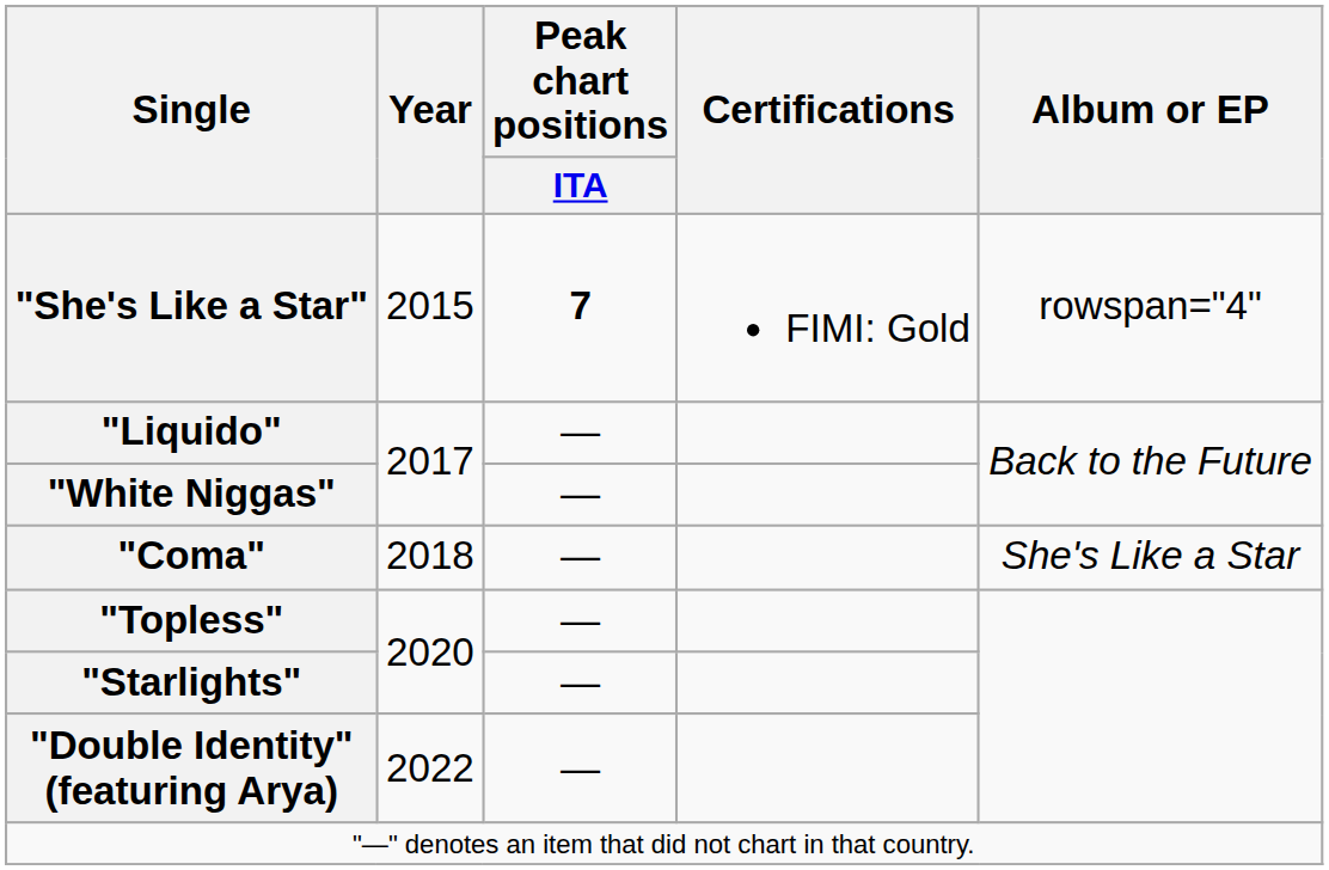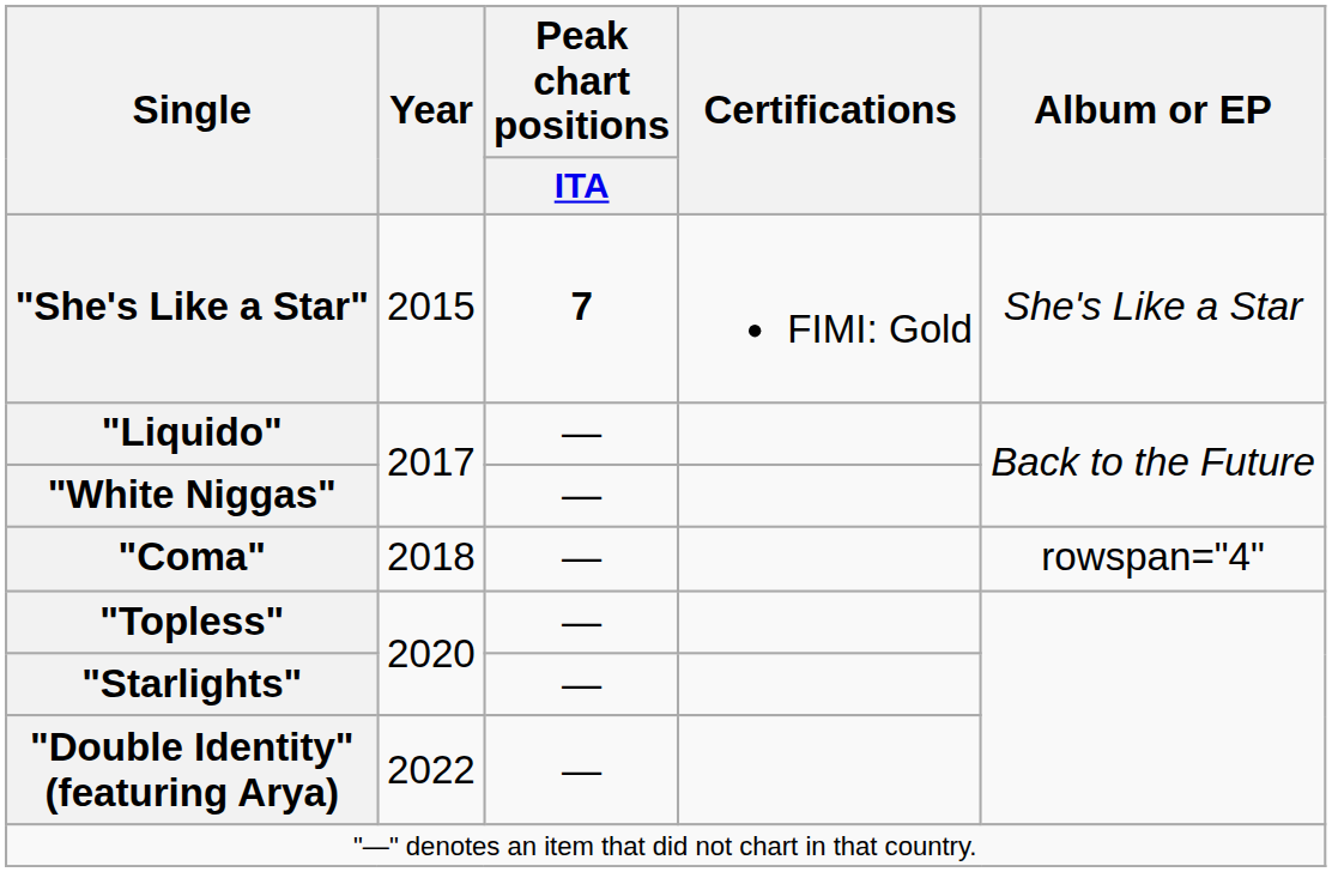 <table class="wikitable plainrowheaders" style="text-align:center;">
 <tr>
 <th scope="col" rowspan="2">Single</th>
 <th scope="col" rowspan="2">Year</th>
 <th scope="col" colspan="1">Peak chart positions</th>
 <th scope="col" rowspan="2">Certifications</th>
 <th scope="col" rowspan="2">Album or EP</th>
 </tr>
 <tr>
 <th scope="col" style="width:3em;font-size:90%;"><a href='#'>ITA</a><br></th>
 </tr>
 <tr>
 <th scope="row">"She's Like a Star"</th>
 <td>2015</td>
 <td><strong>7</strong></td>
 <td><br><ul><li>FIMI: Gold</li></ul></td>
-<td>rowspan="4" </td>
+<td><em>She's Like a Star</em></td>
 </tr>
 <tr>
 <th scope="row">"Liquido"</th>
 <td rowspan="2">2017</td>
 <td>—</td>
 <td></td>
 <td rowspan="2"><em>Back to the Future</em></td>
 </tr>
 <tr>
 <th scope="row">"White Niggas"</th>
 <td>—</td>
 <td></td>
 </tr>
 <tr>
 <th scope="row">"Coma"</th>
 <td>2018</td>
 <td>—</td>
 <td></td>
-<td><em>She's Like a Star</em></td>
+<td>rowspan="4" </td>
 </tr>
 <tr>
 <th scope="row">"Topless"</th>
 <td rowspan="2">2020</td>
 <td>—</td>
 <td></td>
 </tr>
 <tr>
 <th scope="row">"Starlights"</th>
 <td>—</td>
 <td></td>
 </tr>
 <tr>
 <th scope="row">"Double Identity"<br>(featuring Arya)</th>
 <td>2022</td>
 <td>—</td>
 <td></td>
 </tr>
 <tr>
 <td colspan="5" style="text-align:center; font-size:8pt;">"—" denotes an item that did not chart in that country.</td>
 </tr>
 <tr>
 </tr>
 </table>
